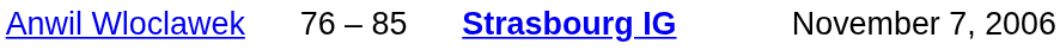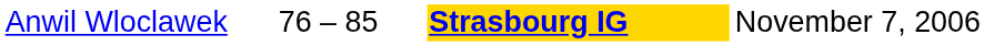 <table style="text-align:center">
 <tr>
 <th width=160></th>
 <th width=100></th>
 <th width=160></th>
 <th width=200></th>
 </tr>
 <tr>
 <td align=right><a href='#'>Anwil Wloclawek</a> </td>
 <td>76 – 85</td>
-<td align=left> <strong><a href='#'>Strasbourg IG</a></strong></td>
+<td align=left style="background: gold;"> <strong><a href='#'>Strasbourg IG</a></strong></td>
 <td align=left>November 7, 2006</td>
 </tr>
 </table>
